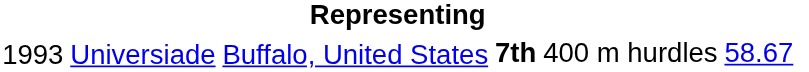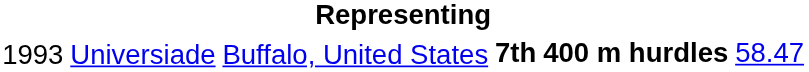 <table>
 <tr>
 <th colspan="6">Representing </th>
 </tr>
 <tr>
 <td rowspan=3>1993</td>
 <td rowspan=2><a href='#'>Universiade</a></td>
 <td rowspan=2><a href='#'>Buffalo, United States</a></td>
 <td><strong>7th</strong></td>
-<td>400 m hurdles</td>
-<td><a href='#'>58.67</a></td>
+<td><strong>400 m hurdles</strong></td>
+<td><a href='#'>58.47</a></td>
 </tr>
 <tr>
 </tr>
 </table>
